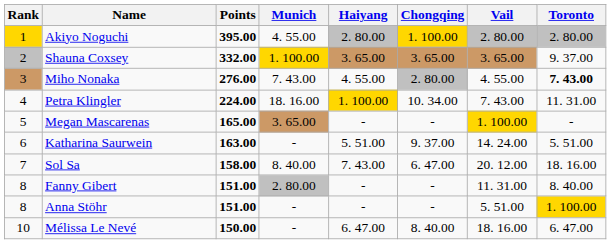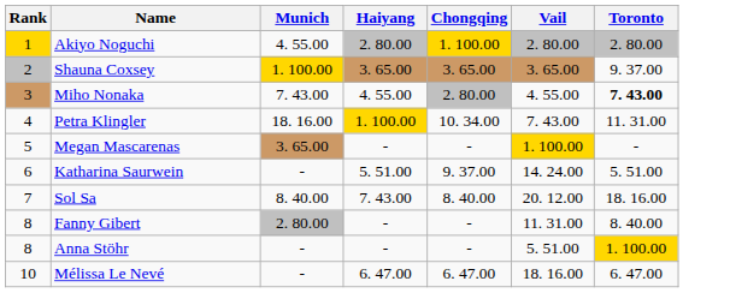 <table class="wikitable sortable">
 <tr>
 <th>Rank</th>
 <th width = "200">Name</th>
-<th>Points</th>
 <th width = "75" data-sort-type="number"><a href='#'>Munich</a></th>
 <th width = "75" data-sort-type="number"><a href='#'>Haiyang</a></th>
 <th width = "75" data-sort-type="number"><a href='#'>Chongqing</a></th>
 <th width = "75" data-sort-type="number"><a href='#'>Vail</a></th>
 <th width = "75" data-sort-type="number"><a href='#'>Toronto</a></th>
 </tr>
 <tr>
 <td align="center" style="background: gold">1</td>
 <td> <a href='#'>Akiyo Noguchi</a></td>
-<td align="center"><strong>395.00</strong></td>
 <td align="center">4. 55.00</td>
 <td align="center" style="background: silver">2. 80.00</td>
 <td align="center" style="background: gold">1. 100.00</td>
 <td align="center" style="background: silver">2. 80.00</td>
 <td align="center" style="background: silver">2. 80.00</td>
 </tr>
 <tr>
 <td align="center" style="background: silver">2</td>
 <td> <a href='#'>Shauna Coxsey</a></td>
-<td align="center"><strong>332.00</strong></td>
 <td align="center" style="background: gold">1. 100.00</td>
 <td align="center" style="background: #cc9966">3. 65.00</td>
 <td align="center" style="background: #cc9966">3. 65.00</td>
 <td align="center" style="background: #cc9966">3. 65.00</td>
 <td align="center">9. 37.00</td>
 </tr>
 <tr>
 <td align="center" style="background: #cc9966">3</td>
 <td> <a href='#'>Miho Nonaka</a></td>
-<td align="center"><strong>276.00</strong></td>
 <td align="center">7. 43.00</td>
 <td align="center">4. 55.00</td>
 <td align="center" style="background: silver">2. 80.00</td>
 <td align="center">4. 55.00</td>
 <td align="center"><strong>7. 43.00</strong></td>
 </tr>
 <tr>
 <td align="center">4</td>
 <td> <a href='#'>Petra Klingler</a></td>
-<td align="center"><strong>224.00</strong></td>
 <td align="center">18. 16.00</td>
 <td align="center" style="background: gold">1. 100.00</td>
 <td align="center">10. 34.00</td>
 <td align="center">7. 43.00</td>
 <td align="center">11. 31.00</td>
 </tr>
 <tr>
 <td align="center">5</td>
 <td> <a href='#'>Megan Mascarenas</a></td>
-<td align="center"><strong>165.00</strong></td>
 <td align="center" style="background: #cc9966">3. 65.00</td>
 <td align="center">-</td>
 <td align="center">-</td>
 <td align="center" style="background: gold">1. 100.00</td>
 <td align="center">-</td>
 </tr>
 <tr>
 <td align="center">6</td>
 <td> <a href='#'>Katharina Saurwein</a></td>
-<td align="center"><strong>163.00</strong></td>
 <td align="center">-</td>
 <td align="center">5. 51.00</td>
 <td align="center">9. 37.00</td>
 <td align="center">14. 24.00</td>
 <td align="center">5. 51.00</td>
 </tr>
 <tr>
 <td align="center">7</td>
 <td> <a href='#'>Sol Sa</a></td>
-<td align="center"><strong>158.00</strong></td>
 <td align="center">8. 40.00</td>
 <td align="center">7. 43.00</td>
-<td align="center">6. 47.00</td>
+<td align="center">8. 40.00</td>
 <td align="center">20. 12.00</td>
 <td align="center">18. 16.00</td>
 </tr>
 <tr>
 <td align="center">8</td>
 <td> <a href='#'>Fanny Gibert</a></td>
-<td align="center"><strong>151.00</strong></td>
 <td align="center" style="background: silver">2. 80.00</td>
 <td align="center">-</td>
 <td align="center">-</td>
 <td align="center">11. 31.00</td>
 <td align="center">8. 40.00</td>
 </tr>
 <tr>
 <td align="center">8</td>
 <td> <a href='#'>Anna Stöhr</a></td>
-<td align="center"><strong>151.00</strong></td>
 <td align="center">-</td>
 <td align="center">-</td>
 <td align="center">-</td>
 <td align="center">5. 51.00</td>
 <td align="center" style="background: gold">1. 100.00</td>
 </tr>
 <tr>
 <td align="center">10</td>
 <td> <a href='#'>Mélissa Le Nevé</a></td>
-<td align="center"><strong>150.00</strong></td>
 <td align="center">-</td>
 <td align="center">6. 47.00</td>
-<td align="center">8. 40.00</td>
+<td align="center">6. 47.00</td>
 <td align="center">18. 16.00</td>
 <td align="center">6. 47.00</td>
 </tr>
 </table>
